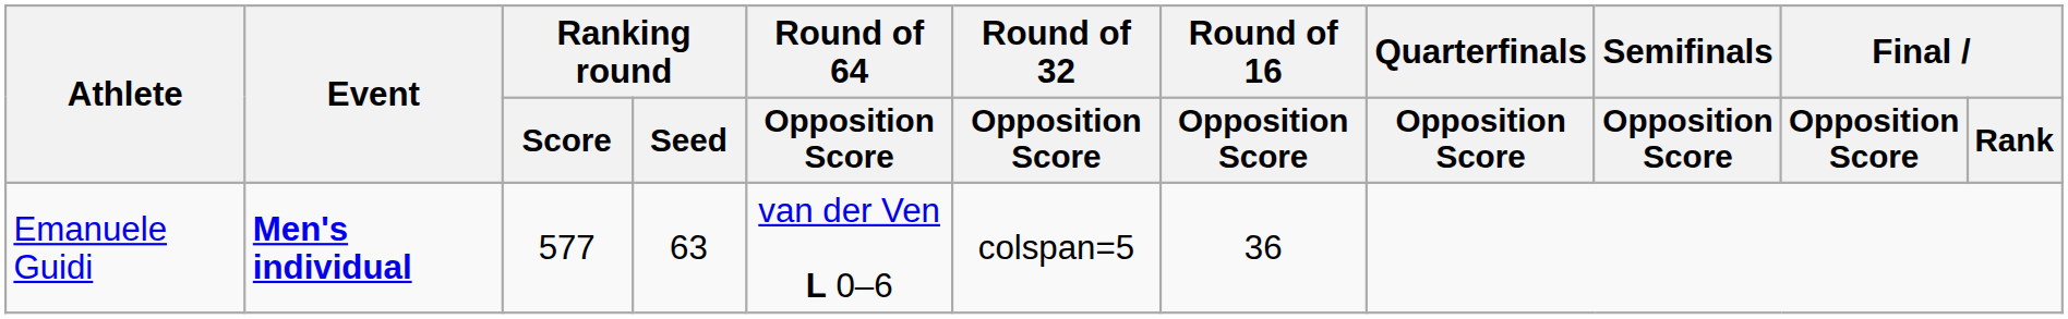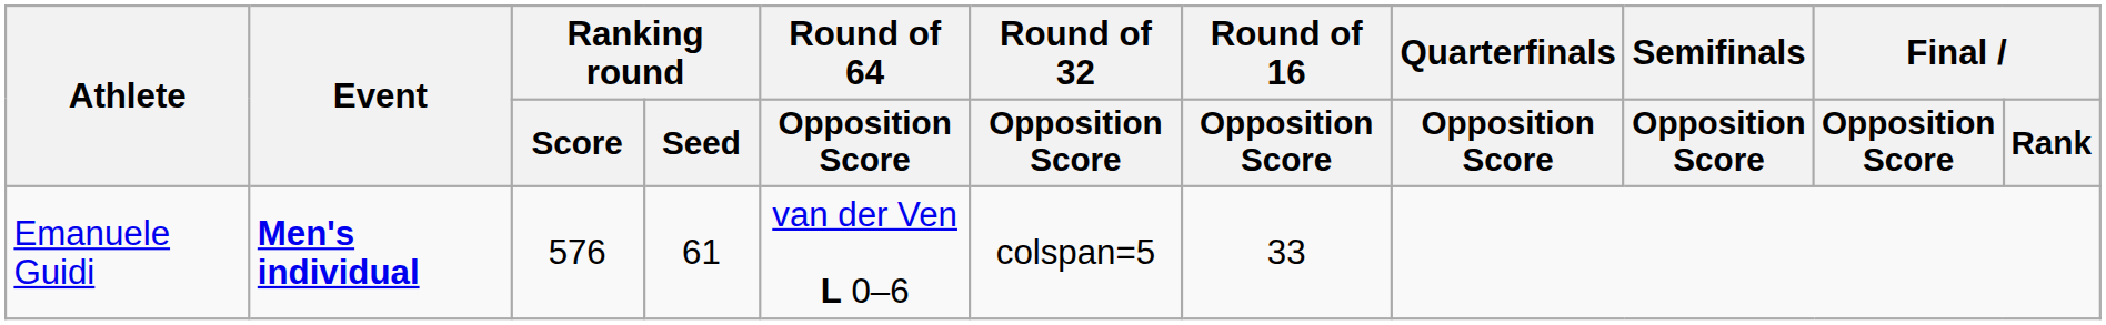 <table class="wikitable" style="font-size:90%">
 <tr>
 <th rowspan=2>Athlete</th>
 <th rowspan=2>Event</th>
 <th colspan=2>Ranking round</th>
 <th>Round of 64</th>
 <th>Round of 32</th>
 <th>Round of 16</th>
 <th>Quarterfinals</th>
 <th>Semifinals</th>
 <th colspan=2>Final / </th>
 </tr>
 <tr style="font-size:95%">
 <th>Score</th>
 <th>Seed</th>
 <th>Opposition<br>Score</th>
 <th>Opposition<br>Score</th>
 <th>Opposition<br>Score</th>
 <th>Opposition<br>Score</th>
 <th>Opposition<br>Score</th>
 <th>Opposition<br>Score</th>
 <th>Rank</th>
 </tr>
 <tr align=center>
 <td align=left><a href='#'>Emanuele Guidi</a></td>
 <td align=left><strong><a href='#'>Men's individual</a></strong></td>
-<td>577</td>
-<td>63</td>
+<td>576</td>
+<td>61</td>
 <td><a href='#'>van der Ven</a><br><br><strong>L</strong> 0–6</td>
 <td>colspan=5 </td>
-<td>36</td>
+<td>33</td>
 </tr>
 </table>
